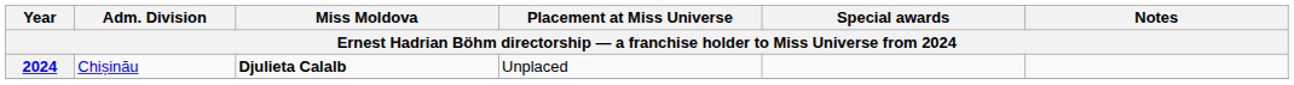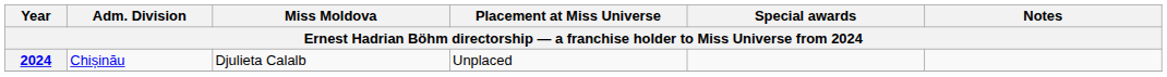 <table class="wikitable " style="font-size: 95%;">
 <tr>
 <th width="60">Year</th>
 <th width="150">Adm. Division</th>
 <th width="250">Miss Moldova</th>
 <th width="250">Placement at Miss Universe</th>
 <th width="250">Special awards</th>
 <th width="250">Notes</th>
 </tr>
 <tr>
 <th colspan="6">Ernest Hadrian Böhm directorship — a franchise holder to Miss Universe from 2024</th>
 </tr>
 <tr>
 <th><a href='#'>2024</a></th>
 <td> <a href='#'>Chișinău</a></td>
-<td><strong>Djulieta Calalb</strong></td>
+<td>Djulieta Calalb</td>
 <td>Unplaced</td>
 <td></td>
 <td></td>
 </tr>
 <tr>
 </tr>
 </table>
